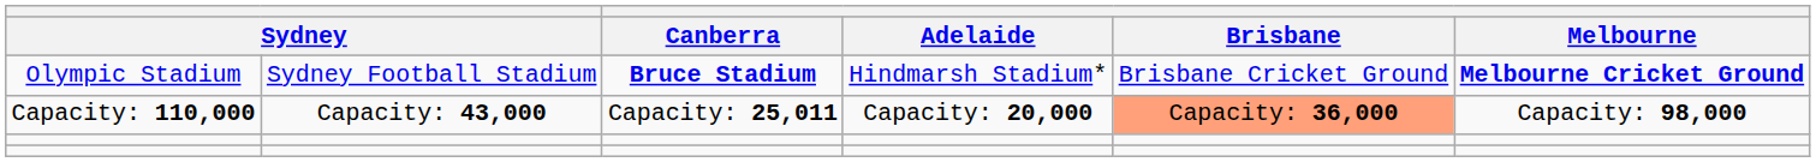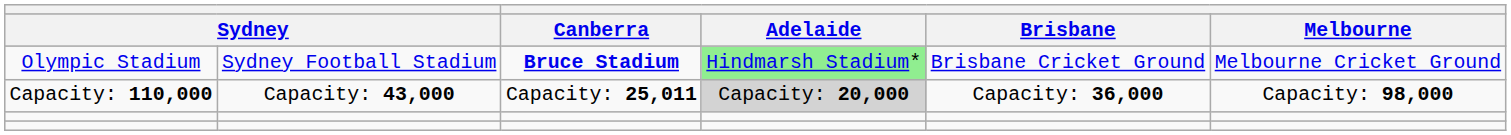 <table class="wikitable" style="text-align:center">
 <tr>
 <th colspan="2"></th>
 <th colspan="6"></th>
 </tr>
 <tr>
 <th colspan="2"><a href='#'>Sydney</a></th>
 <th><a href='#'>Canberra</a></th>
 <th><a href='#'>Adelaide</a></th>
 <th><a href='#'>Brisbane</a></th>
 <th><a href='#'>Melbourne</a></th>
 </tr>
 <tr>
 <td style="text-align:center;"><a href='#'>Olympic Stadium</a></td>
 <td style="text-align:center;"><a href='#'>Sydney Football Stadium</a></td>
 <td style="text-align:center;"><strong><a href='#'>Bruce Stadium</a></strong></td>
-<td style="text-align:center;"><a href='#'>Hindmarsh Stadium</a>*</td>
+<td style="background: lightgreen; text-align:center;"><a href='#'>Hindmarsh Stadium</a>*</td>
 <td style="text-align:center;"><a href='#'>Brisbane Cricket Ground</a></td>
-<td style="text-align:center;"><strong><a href='#'>Melbourne Cricket Ground</a></strong></td>
+<td style="text-align:center;"><a href='#'>Melbourne Cricket Ground</a></td>
 </tr>
 <tr>
 <td>Capacity: <strong>110,000</strong></td>
 <td>Capacity: <strong>43,000</strong></td>
 <td>Capacity: <strong>25,011</strong></td>
-<td>Capacity: <strong>20,000</strong></td>
-<td style="background: lightsalmon;">Capacity: <strong>36,000</strong></td>
+<td style="background: lightgrey;">Capacity: <strong>20,000</strong></td>
+<td>Capacity: <strong>36,000</strong></td>
 <td>Capacity: <strong>98,000</strong></td>
 </tr>
 <tr>
 <td style="text-align:center;"><small></small></td>
 <td style="text-align:center;"><small></small></td>
 <td style="text-align:center;"><small></small></td>
 <td style="text-align:center;"><small></small></td>
 <td style="text-align:center;"><small></small></td>
 <td style="text-align:center;"><small></small></td>
 </tr>
 <tr>
 <td style="text-align:center;"></td>
 <td style="text-align:center;"></td>
 <td style="text-align:center;"></td>
 <td style="text-align:center;"></td>
 <td style="text-align:center;"></td>
 <td style="text-align:center;"></td>
 </tr>
 </table>
